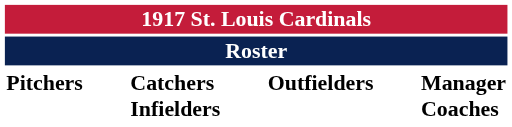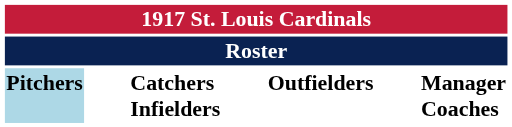 <table class="toccolours" style="font-size: 95%;">
 <tr>
 <th colspan="10" style="background-color: #c41c3a; color: white; text-align: center;">1917 St. Louis Cardinals</th>
 </tr>
 <tr>
 <td colspan="10" style="background-color: #0a2252; color: white; text-align: center;"><strong>Roster</strong></td>
 </tr>
 <tr>
-<td valign="top"><strong>Pitchers</strong><br>            </td>
+<td valign="top" style="background: lightblue;"><strong>Pitchers</strong><br>            </td>
 <td width="25px"></td>
 <td valign="top"><strong>Catchers</strong><br>     <strong>Infielders</strong>         </td>
 <td width="25px"></td>
 <td valign="top"><strong>Outfielders</strong><br>     </td>
 <td width="25px"></td>
 <td valign="top"><strong>Manager</strong><br> <strong>Coaches</strong> </td>
 </tr>
 </table>
